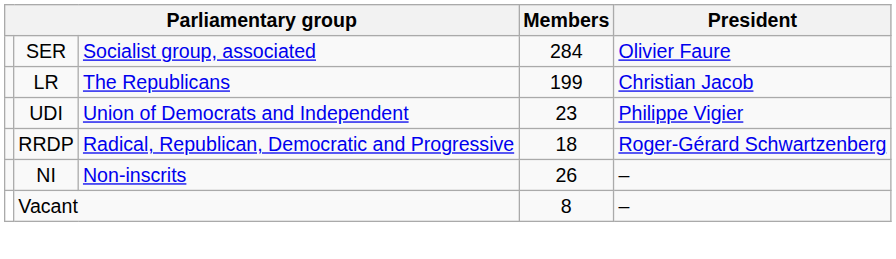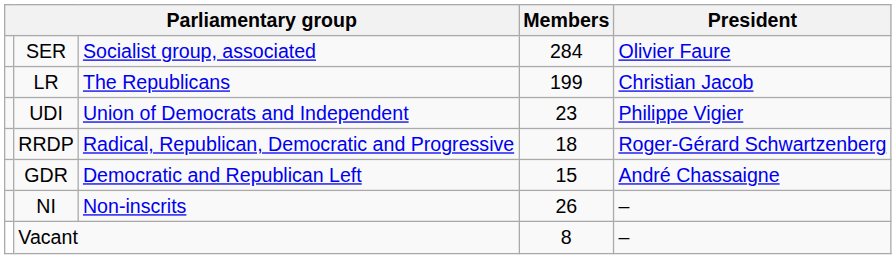 <table class="wikitable" style="font-size:95%;text-align:center;">
 <tr style="background-color:#E9E9E9;">
 <th colspan="3">Parliamentary group</th>
 <th>Members</th>
 <th>President</th>
 </tr>
 <tr>
 <td style="background:"></td>
 <td>SER</td>
 <td style="text-align:left;"><a href='#'>Socialist group, associated</a></td>
 <td>284</td>
 <td style="text-align:left;"><a href='#'>Olivier Faure</a></td>
 </tr>
 <tr>
 <td style="background:"></td>
 <td>LR</td>
 <td style="text-align:left;"><a href='#'>The Republicans</a></td>
 <td>199</td>
 <td style="text-align:left;"><a href='#'>Christian Jacob</a></td>
 </tr>
 <tr>
 <td style="background:"></td>
 <td>UDI</td>
 <td style="text-align:left;"><a href='#'>Union of Democrats and Independent</a></td>
 <td>23</td>
 <td style="text-align:left;"><a href='#'>Philippe Vigier</a></td>
 </tr>
 <tr>
 <td style="background:"></td>
 <td>RRDP</td>
 <td style="text-align:left;"><a href='#'>Radical, Republican, Democratic and Progressive</a></td>
 <td>18</td>
 <td style="text-align:left;"><a href='#'>Roger-Gérard Schwartzenberg</a></td>
 </tr>
 <tr>
 <td style="background:"></td>
+<td>GDR</td>
+<td style="text-align:left;"><a href='#'>Democratic and Republican Left</a></td>
+<td>15</td>
+<td style="text-align:left;"><a href='#'>André Chassaigne</a></td>
+</tr>
+<tr>
+<td style="background:"></td>
 <td>NI</td>
 <td style="text-align:left;"><a href='#'>Non-inscrits</a></td>
 <td>26</td>
 <td style="text-align:left;">–</td>
 </tr>
 <tr>
 <td style="background:#FFFFFF;"></td>
 <td colspan="2" style="text-align:left;">Vacant</td>
 <td>8</td>
 <td style="text-align:left;">–</td>
 </tr>
 </table>
